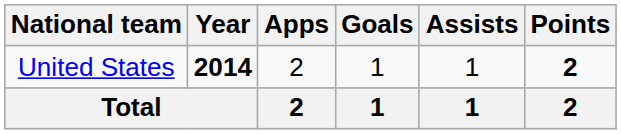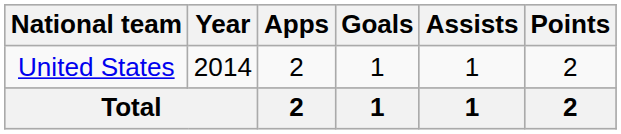 <table class="wikitable" style="text-align:center">
 <tr>
 <th>National team</th>
 <th>Year</th>
 <th>Apps</th>
 <th>Goals</th>
 <th>Assists</th>
 <th>Points</th>
 </tr>
 <tr>
 <td><a href='#'>United States</a></td>
-<td><strong>2014</strong></td>
+<td>2014</td>
 <td>2</td>
 <td>1</td>
 <td>1</td>
-<td><strong>2</strong></td>
+<td>2</td>
 </tr>
 <tr>
 <th colspan="2">Total</th>
 <th>2</th>
 <th>1</th>
 <th>1</th>
 <th>2</th>
 </tr>
 </table>
